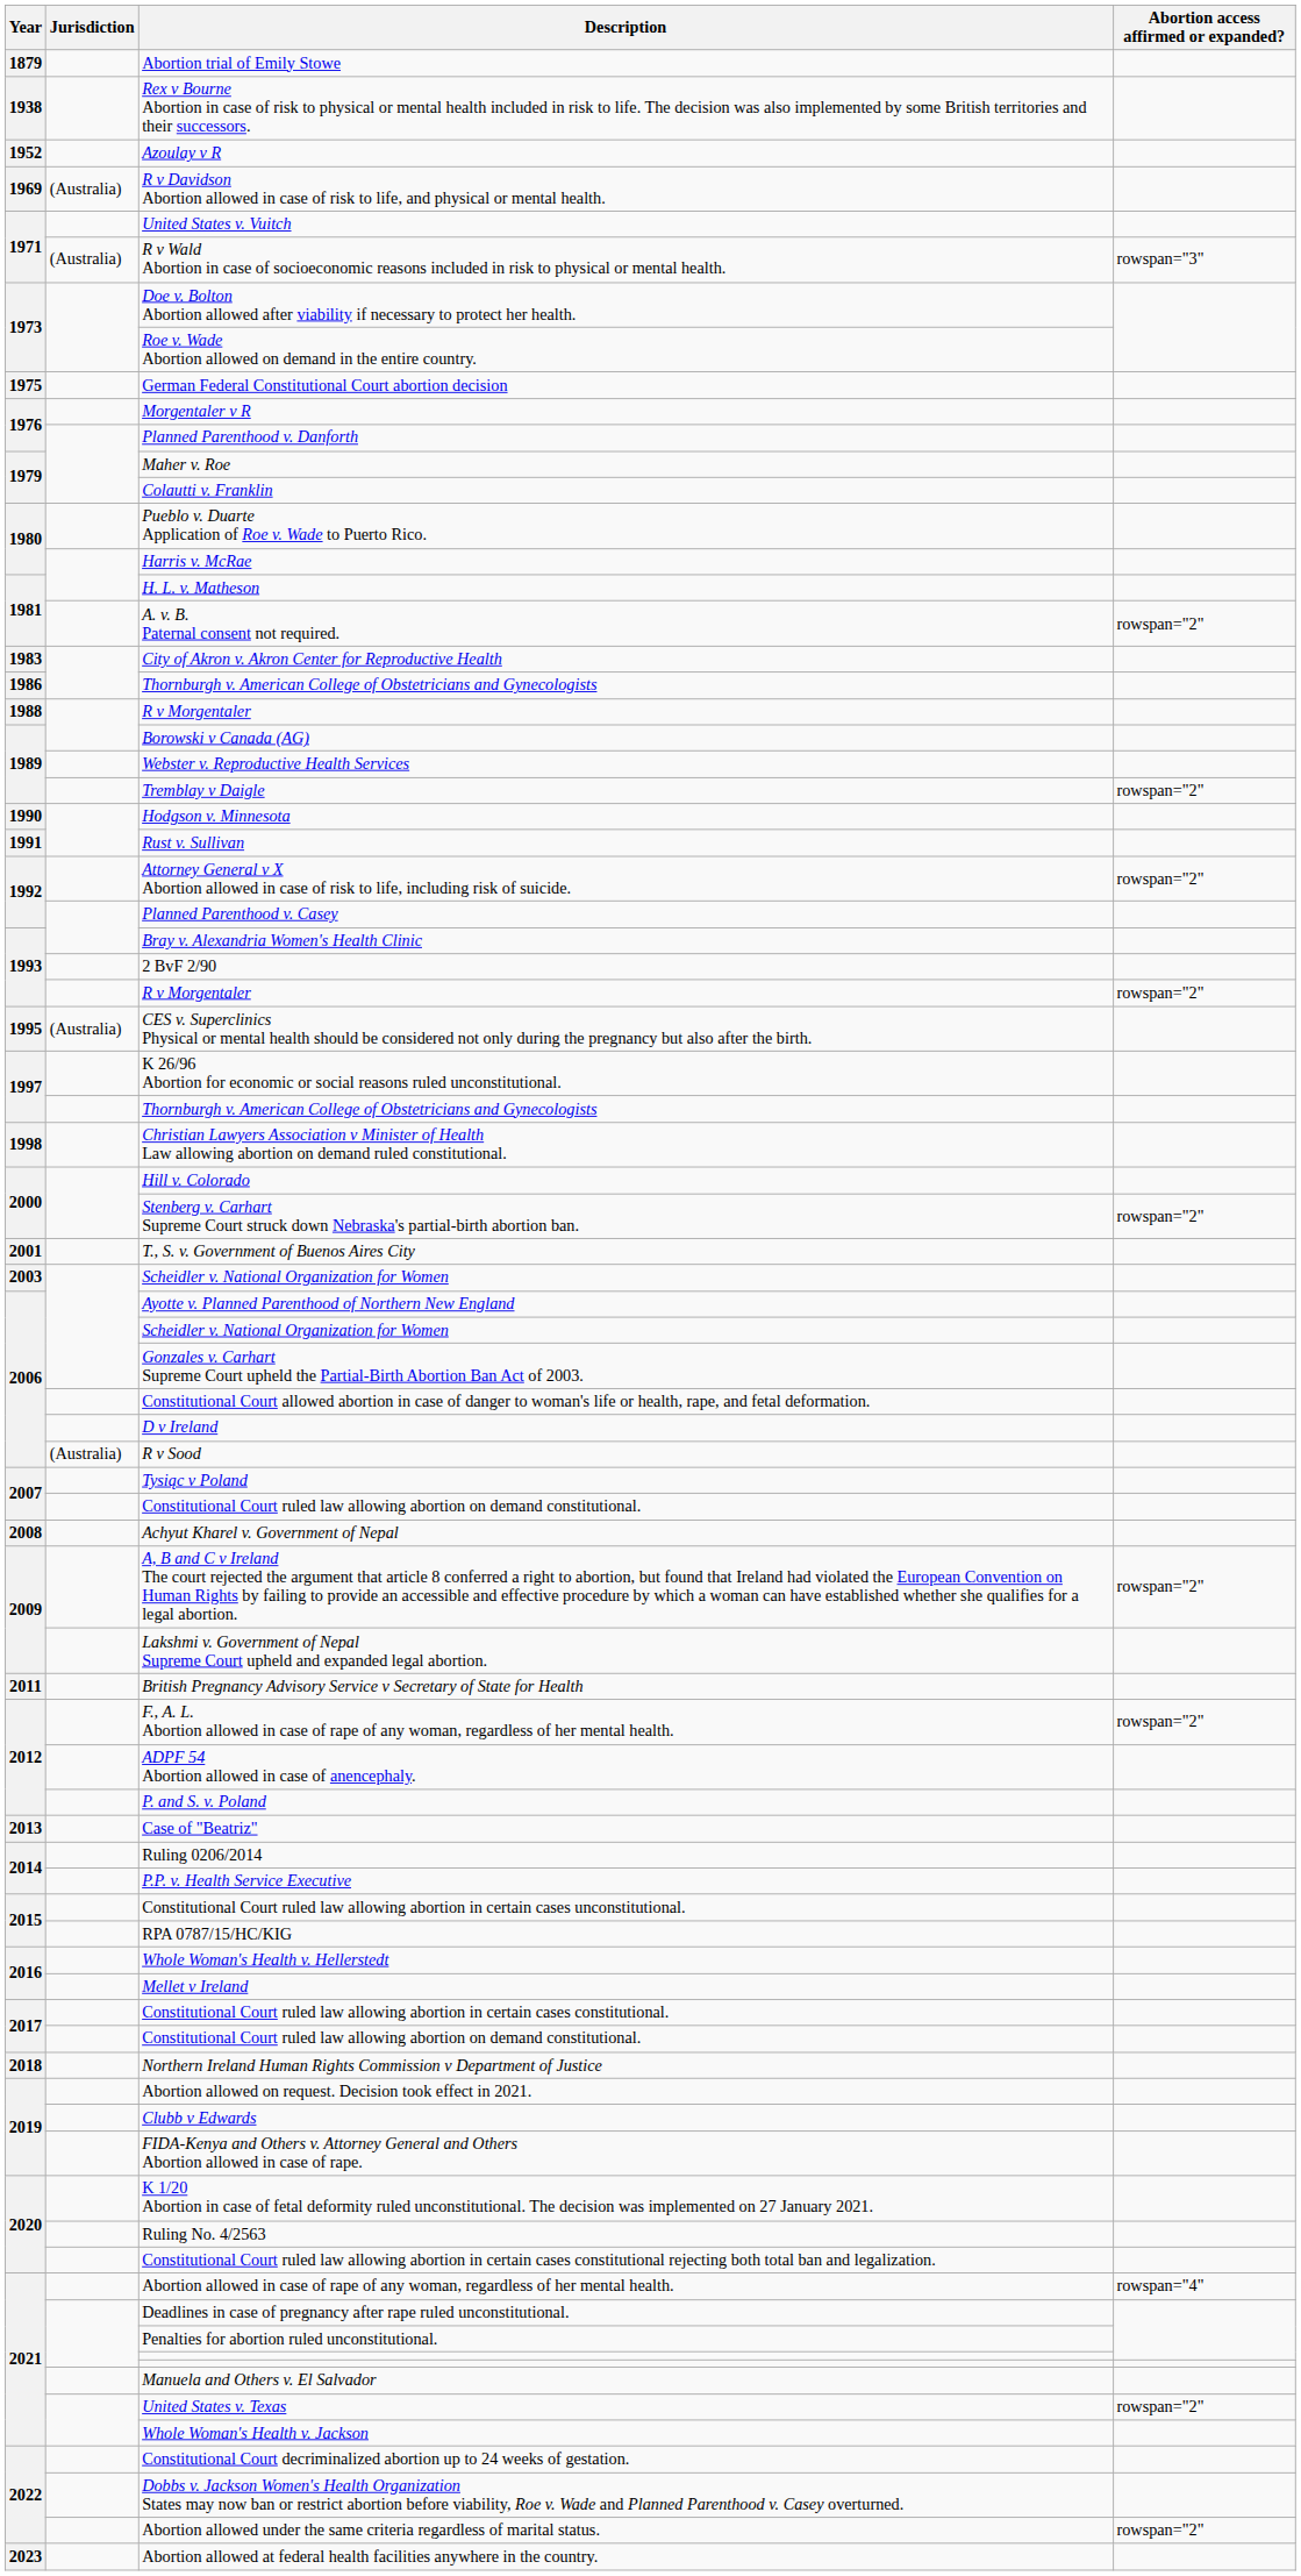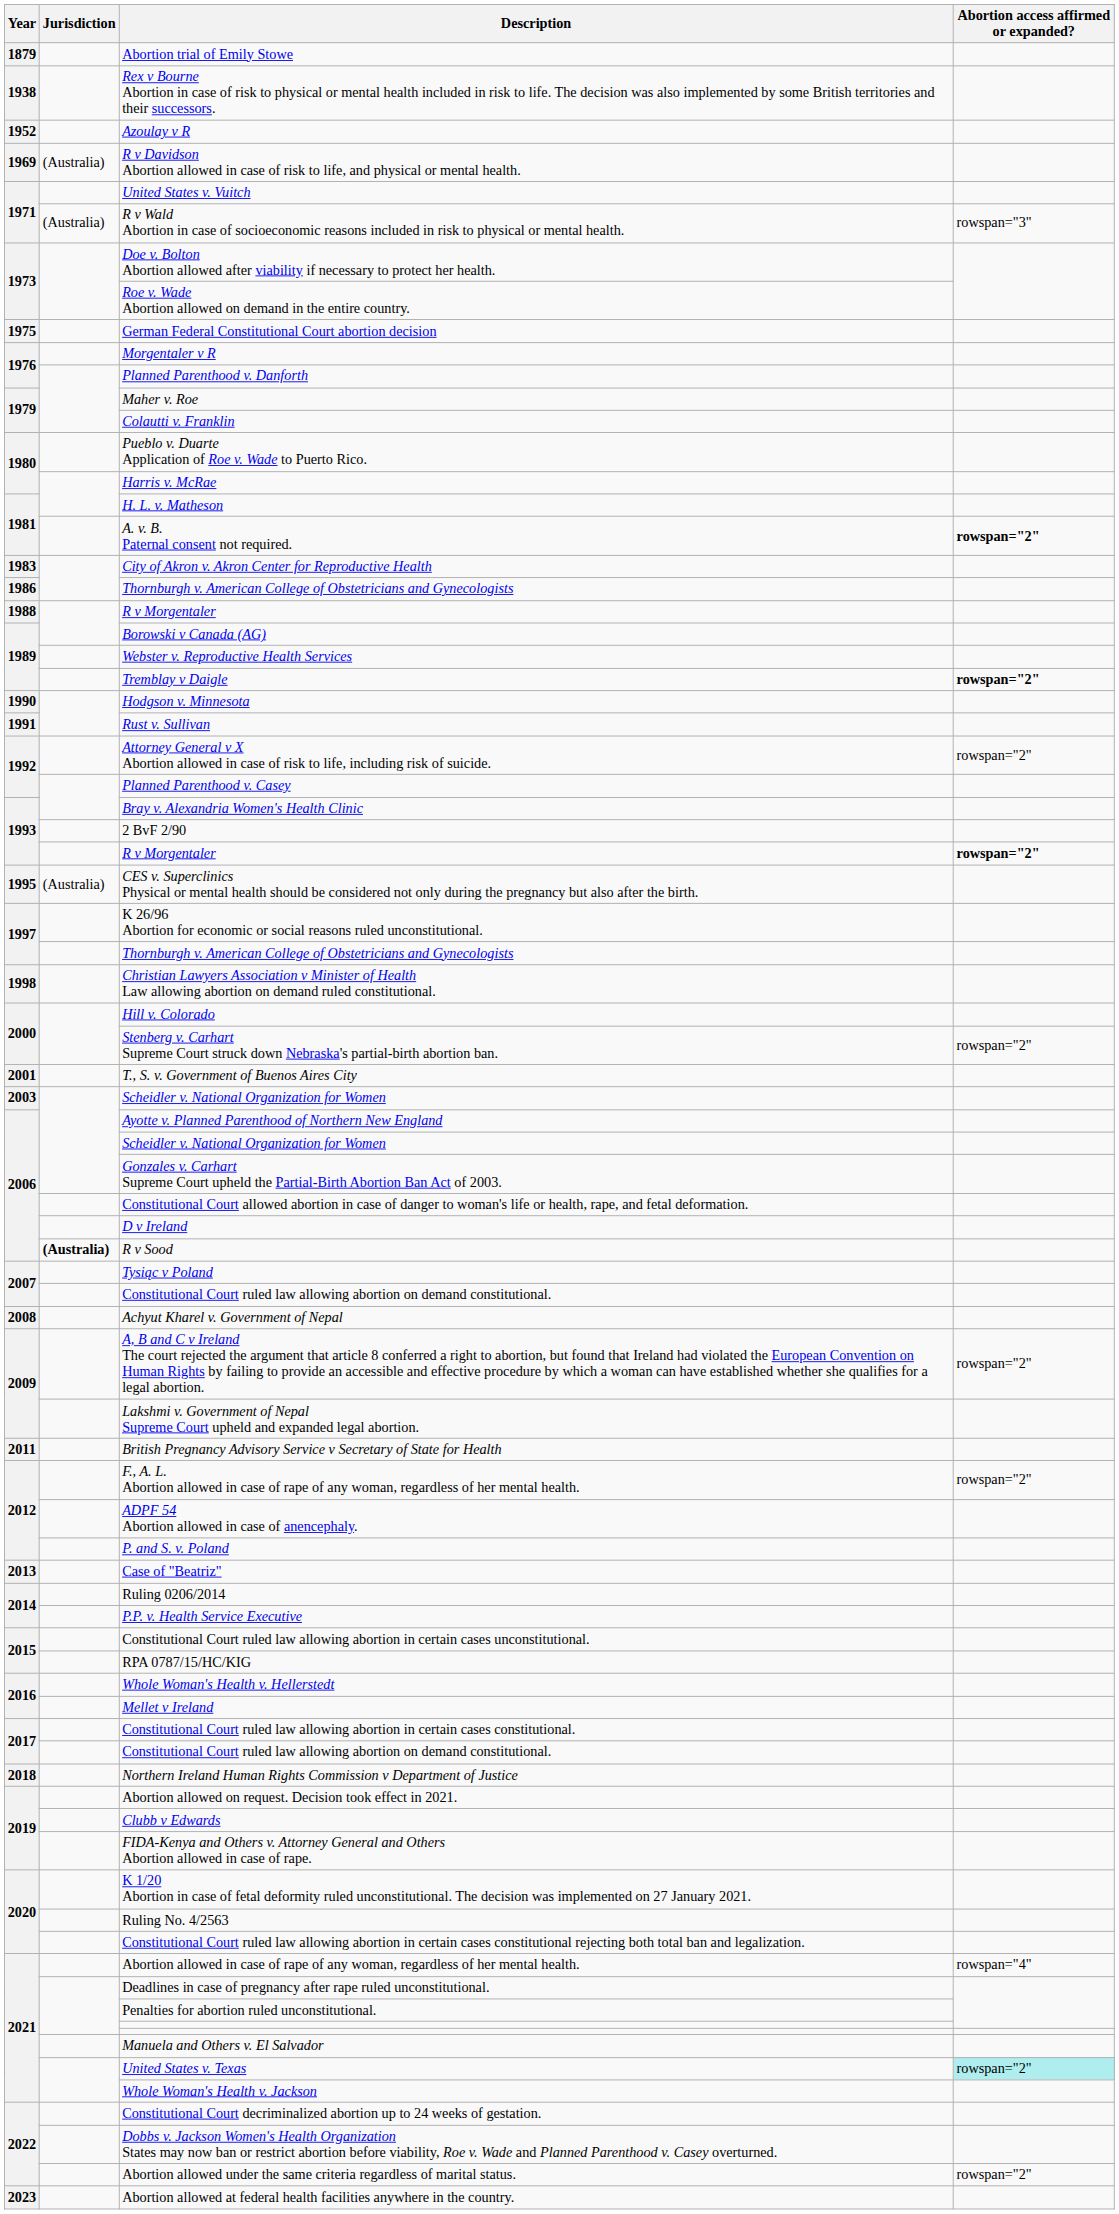 <table class="wikitable sortable sticky-table-head plainrowheaders">
 <tr>
 <th scope="col">Year</th>
 <th scope="col">Jurisdiction</th>
 <th scope="col">Description</th>
 <th scope="col">Abortion access affirmed or expanded?</th>
 </tr>
 <tr>
 <th scope="row">1879</th>
 <td></td>
 <td><a href='#'>Abortion trial of Emily Stowe</a></td>
 <td></td>
 </tr>
 <tr>
 <th scope="row">1938</th>
 <td></td>
 <td><em><a href='#'>Rex v Bourne</a></em><br>Abortion in case of risk to physical or mental health included in risk to life. The decision was also implemented by some British territories and their <a href='#'>successors</a>.</td>
 <td></td>
 </tr>
 <tr>
 <th scope="row">1952</th>
 <td></td>
 <td><em><a href='#'>Azoulay v R</a></em></td>
 <td></td>
 </tr>
 <tr>
 <th scope="row">1969</th>
 <td> (Australia)</td>
 <td><em><a href='#'>R v Davidson</a></em><br>Abortion allowed in case of risk to life, and physical or mental health.</td>
 <td></td>
 </tr>
 <tr>
 <th scope="row" rowspan="2">1971</th>
 <td></td>
 <td><em><a href='#'>United States v. Vuitch</a></em></td>
 <td></td>
 </tr>
 <tr>
 <td> (Australia)</td>
 <td><em>R v Wald</em><br>Abortion in case of socioeconomic reasons included in risk to physical or mental health.</td>
 <td>rowspan="3"  </td>
 </tr>
 <tr>
 <th scope="row" rowspan="2">1973</th>
 <td rowspan="2"></td>
 <td><em><a href='#'>Doe v. Bolton</a></em><br>Abortion allowed after <a href='#'>viability</a> if necessary to protect her health.</td>
 </tr>
 <tr>
 <td><em><a href='#'>Roe v. Wade</a></em><br>Abortion allowed on demand in the entire country.</td>
 </tr>
 <tr>
 <th scope="row">1975</th>
 <td></td>
 <td><a href='#'>German Federal Constitutional Court abortion decision</a></td>
 <td></td>
 </tr>
 <tr>
 <th scope="row" rowspan="2">1976</th>
 <td></td>
 <td><em><a href='#'>Morgentaler v R</a></em></td>
 <td></td>
 </tr>
 <tr>
 <td rowspan="3"></td>
 <td><em><a href='#'>Planned Parenthood v. Danforth</a></em></td>
 <td></td>
 </tr>
 <tr>
 <th scope="row" rowspan="2">1979</th>
 <td><em>Maher v. Roe</em></td>
 <td></td>
 </tr>
 <tr>
 <td><em><a href='#'>Colautti v. Franklin</a></em></td>
 <td></td>
 </tr>
 <tr>
 <th scope="row" rowspan="2">1980</th>
 <td></td>
 <td><em>Pueblo v. Duarte</em><br>Application of <em><a href='#'>Roe v. Wade</a></em> to Puerto Rico.</td>
 <td></td>
 </tr>
 <tr>
 <td rowspan="2"></td>
 <td><em><a href='#'>Harris v. McRae</a></em></td>
 <td></td>
 </tr>
 <tr>
 <th scope="row"  rowspan="2">1981</th>
 <td><em><a href='#'>H. L. v. Matheson</a></em></td>
 <td></td>
 </tr>
 <tr>
 <td></td>
 <td><em>A. v. B.</em><br><a href='#'>Paternal consent</a> not required.</td>
-<td>rowspan="2" </td>
+<td><strong>rowspan="2" </strong></td>
 </tr>
 <tr>
 <th scope="row">1983</th>
 <td rowspan="2"></td>
 <td><em><a href='#'>City of Akron v. Akron Center for Reproductive Health</a></em></td>
 </tr>
 <tr>
 <th scope="row">1986</th>
 <td><em><a href='#'>Thornburgh v. American College of Obstetricians and Gynecologists</a></em></td>
 <td></td>
 </tr>
 <tr>
 <th scope="row">1988</th>
 <td rowspan="2"></td>
 <td><em><a href='#'>R v Morgentaler</a></em></td>
 <td></td>
 </tr>
 <tr>
 <th scope="row" rowspan="3">1989</th>
 <td><em><a href='#'>Borowski v Canada (AG)</a></em></td>
 <td></td>
 </tr>
 <tr>
 <td></td>
 <td><em><a href='#'>Webster v. Reproductive Health Services</a></em></td>
 <td></td>
 </tr>
 <tr>
 <td></td>
 <td><em><a href='#'>Tremblay v Daigle</a></em></td>
-<td>rowspan="2" </td>
+<td><strong>rowspan="2" </strong></td>
 </tr>
 <tr>
 <th scope="row">1990</th>
 <td rowspan="2"></td>
 <td><em><a href='#'>Hodgson v. Minnesota</a></em></td>
 </tr>
 <tr>
 <th scope="row">1991</th>
 <td><em><a href='#'>Rust v. Sullivan</a></em></td>
 <td></td>
 </tr>
 <tr>
 <th scope="row" rowspan="2">1992</th>
 <td></td>
 <td><em><a href='#'>Attorney General v X</a></em><br>Abortion allowed in case of risk to life, including risk of suicide.</td>
 <td>rowspan="2" </td>
 </tr>
 <tr>
 <td rowspan="2"></td>
 <td><em><a href='#'>Planned Parenthood v. Casey</a></em></td>
 </tr>
 <tr>
 <th scope="row" rowspan="3">1993</th>
 <td><em><a href='#'>Bray v. Alexandria Women's Health Clinic</a></em></td>
 <td></td>
 </tr>
 <tr>
 <td></td>
 <td>2 BvF 2/90</td>
 <td></td>
 </tr>
 <tr>
 <td></td>
 <td><em><a href='#'>R v Morgentaler</a></em></td>
-<td>rowspan="2" </td>
+<td><strong>rowspan="2" </strong></td>
 </tr>
 <tr>
 <th scope="row">1995</th>
 <td> (Australia)</td>
 <td><em>CES v. Superclinics</em><br>Physical or mental health should be considered not only during the pregnancy but also after the birth.</td>
 </tr>
 <tr>
 <th scope="row" rowspan="2">1997</th>
 <td></td>
 <td>K 26/96<br>Abortion for economic or social reasons ruled unconstitutional.</td>
 <td></td>
 </tr>
 <tr>
 <td></td>
 <td><em><a href='#'>Thornburgh v. American College of Obstetricians and Gynecologists</a></em></td>
 <td></td>
 </tr>
 <tr>
 <th scope="row">1998</th>
 <td></td>
 <td><em><a href='#'>Christian Lawyers Association v Minister of Health</a></em><br>Law allowing abortion on demand ruled constitutional.</td>
 <td></td>
 </tr>
 <tr>
 <th scope="row" rowspan="2">2000</th>
 <td rowspan="2"></td>
 <td><em><a href='#'>Hill v. Colorado</a></em></td>
 <td></td>
 </tr>
 <tr>
 <td><em><a href='#'>Stenberg v. Carhart</a></em><br>Supreme Court struck down <a href='#'>Nebraska</a>'s partial-birth abortion ban.</td>
 <td>rowspan="2" </td>
 </tr>
 <tr>
 <th scope="row">2001</th>
 <td></td>
 <td><em>T., S. v. Government of Buenos Aires City</em></td>
 </tr>
 <tr>
 <th scope="row">2003</th>
 <td rowspan="4"></td>
 <td><em><a href='#'>Scheidler v. National Organization for Women</a></em></td>
 <td></td>
 </tr>
 <tr>
 <th scope="row" rowspan="6">2006</th>
 <td><em><a href='#'>Ayotte v. Planned Parenthood of Northern New England</a></em></td>
 <td></td>
 </tr>
 <tr>
 <td><em><a href='#'>Scheidler v. National Organization for Women</a></em></td>
 <td></td>
 </tr>
 <tr>
 <td><em><a href='#'>Gonzales v. Carhart</a></em><br>Supreme Court upheld the <a href='#'>Partial-Birth Abortion Ban Act</a> of 2003.</td>
 <td></td>
 </tr>
 <tr>
 <td></td>
 <td><a href='#'>Constitutional Court</a> allowed abortion in case of danger to woman's life or health, rape, and fetal deformation.</td>
 <td></td>
 </tr>
 <tr>
 <td></td>
 <td><em><a href='#'>D v Ireland</a></em></td>
 <td></td>
 </tr>
 <tr>
-<td> (Australia)</td>
+<td><strong> (Australia)</strong></td>
 <td><em>R v Sood</em></td>
 <td></td>
 </tr>
 <tr>
 <th scope="row" rowspan="2">2007</th>
 <td></td>
 <td><em><a href='#'>Tysiąc v Poland</a></em></td>
 <td></td>
 </tr>
 <tr>
 <td></td>
 <td><a href='#'>Constitutional Court</a> ruled law allowing abortion on demand constitutional.</td>
 <td></td>
 </tr>
 <tr>
 <th scope="row">2008</th>
 <td></td>
 <td><em>Achyut Kharel v. Government of Nepal</em> </td>
 <td></td>
 </tr>
 <tr>
 <th scope="row" rowspan="2">2009</th>
 <td></td>
 <td><em><a href='#'>A, B and C v Ireland</a></em><br>The court rejected the argument that article 8 conferred a right to abortion, but found that Ireland had violated the <a href='#'>European Convention on Human Rights</a> by failing to provide an accessible and effective procedure by which a woman can have established whether she qualifies for a legal abortion.</td>
 <td>rowspan="2" </td>
 </tr>
 <tr>
 <td></td>
 <td><em>Lakshmi v. Government of Nepal</em><br><a href='#'>Supreme Court</a> upheld and expanded legal abortion.</td>
 </tr>
 <tr>
 <th scope="row">2011</th>
 <td></td>
 <td><em>British Pregnancy Advisory Service v Secretary of State for Health</em></td>
 <td></td>
 </tr>
 <tr>
 <th scope="row" rowspan="3">2012</th>
 <td></td>
 <td><em>F., A. L.</em><br>Abortion allowed in case of rape of any woman, regardless of her mental health.</td>
 <td>rowspan="2" </td>
 </tr>
 <tr>
 <td></td>
 <td><em><a href='#'>ADPF 54</a></em><br>Abortion allowed in case of <a href='#'>anencephaly</a>.</td>
 </tr>
 <tr>
 <td></td>
 <td><em><a href='#'>P. and S. v. Poland</a></em></td>
 <td></td>
 </tr>
 <tr>
 <th scope="row">2013</th>
 <td></td>
 <td><a href='#'>Case of "Beatriz"</a></td>
 <td></td>
 </tr>
 <tr>
 <th scope="row" rowspan="2">2014</th>
 <td></td>
 <td>Ruling 0206/2014</td>
 <td></td>
 </tr>
 <tr>
 <td></td>
 <td><em><a href='#'>P.P. v. Health Service Executive</a></em></td>
 <td></td>
 </tr>
 <tr>
 <th scope="row" rowspan="2">2015</th>
 <td class="nowrap"></td>
 <td>Constitutional Court ruled law allowing abortion in certain cases unconstitutional.</td>
 <td></td>
 </tr>
 <tr>
 <td></td>
 <td class=nowrap>RPA 0787/15/HC/KIG</td>
 <td></td>
 </tr>
 <tr>
 <th scope="row" rowspan="2">2016</th>
 <td></td>
 <td><em><a href='#'>Whole Woman's Health v. Hellerstedt</a></em></td>
 <td></td>
 </tr>
 <tr>
 <td></td>
 <td><em><a href='#'>Mellet v Ireland</a></em></td>
 <td></td>
 </tr>
 <tr>
 <th scope="row" rowspan="2">2017</th>
 <td></td>
 <td><a href='#'>Constitutional Court</a> ruled law allowing abortion in certain cases constitutional.</td>
 <td></td>
 </tr>
 <tr>
 <td></td>
 <td><a href='#'>Constitutional Court</a> ruled law allowing abortion on demand constitutional.</td>
 <td></td>
 </tr>
 <tr>
 <th scope="row">2018</th>
 <td></td>
 <td><em>Northern Ireland Human Rights Commission v Department of Justice</em></td>
 <td></td>
 </tr>
 <tr>
 <th scope="row" rowspan="3">2019</th>
 <td></td>
 <td>Abortion allowed on request. Decision took effect in 2021.</td>
 <td></td>
 </tr>
 <tr>
 <td></td>
 <td><em><a href='#'>Clubb v Edwards</a></em></td>
 <td></td>
 </tr>
 <tr>
 <td></td>
 <td><em>FIDA-Kenya and Others v. Attorney General and Others</em><br>Abortion allowed in case of rape.</td>
 <td></td>
 </tr>
 <tr>
 <th scope="row" rowspan="3">2020</th>
 <td></td>
 <td><a href='#'>K 1/20</a><br>Abortion in case of fetal deformity ruled unconstitutional. The decision was implemented on 27 January 2021.</td>
 <td></td>
 </tr>
 <tr>
 <td></td>
 <td>Ruling No. 4/2563</td>
 <td></td>
 </tr>
 <tr>
 <td></td>
 <td><a href='#'>Constitutional Court</a> ruled law allowing abortion in certain cases constitutional rejecting both total ban and legalization.</td>
 <td></td>
 </tr>
 <tr>
 <th scope="row" rowspan="8">2021</th>
 <td></td>
 <td>Abortion allowed in case of rape of any woman, regardless of her mental health.</td>
 <td>rowspan="4" </td>
 </tr>
 <tr>
 <td rowspan="4"></td>
 <td>Deadlines in case of pregnancy after rape ruled unconstitutional.</td>
 </tr>
 <tr>
 <td>Penalties for abortion ruled unconstitutional.</td>
 </tr>
 <tr>
 <td></td>
 </tr>
 <tr>
 <td></td>
 <td></td>
 </tr>
 <tr>
 <td></td>
 <td><em>Manuela and Others v. El Salvador</em></td>
 <td></td>
 </tr>
 <tr>
 <td rowspan="2"></td>
 <td><em><a href='#'>United States v. Texas</a></em></td>
-<td>rowspan="2" </td>
+<td style="background: paleturquoise;">rowspan="2" </td>
 </tr>
 <tr>
 <td><em><a href='#'>Whole Woman's Health v. Jackson</a></em></td>
 </tr>
 <tr>
 <th scope="row" rowspan="3">2022</th>
 <td></td>
 <td><a href='#'>Constitutional Court</a> decriminalized abortion up to 24 weeks of gestation.</td>
 <td></td>
 </tr>
 <tr>
 <td></td>
 <td><em><a href='#'>Dobbs v. Jackson Women's Health Organization</a></em><br>States may now ban or restrict abortion before viability, <em>Roe v. Wade</em> and <em>Planned Parenthood v. Casey</em> overturned.</td>
 <td></td>
 </tr>
 <tr>
 <td></td>
 <td>Abortion allowed under the same criteria regardless of marital status.</td>
 <td>rowspan="2" </td>
 </tr>
 <tr>
 <th scope="row">2023</th>
 <td></td>
 <td>Abortion allowed at federal health facilities anywhere in the country.</td>
 </tr>
 </table>
